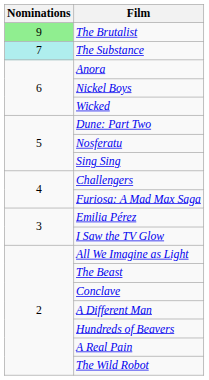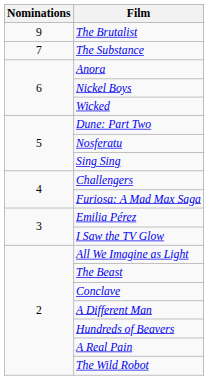 <table class="wikitable">
 <tr>
 <th>Nominations</th>
 <th>Film</th>
 </tr>
 <tr>
-<td style="background: lightgreen; text-align:center;">9</td>
+<td style="text-align:center;">9</td>
 <td><em><a href='#'>The Brutalist</a></em></td>
 </tr>
 <tr>
-<td style="background: paleturquoise; text-align:center;">7</td>
+<td style="text-align:center;">7</td>
 <td><em><a href='#'>The Substance</a></em></td>
 </tr>
 <tr>
 <td style="text-align:center;" rowspan="3">6</td>
 <td><em><a href='#'>Anora</a></em></td>
 </tr>
 <tr>
 <td><em><a href='#'>Nickel Boys</a></em></td>
 </tr>
 <tr>
 <td><em><a href='#'>Wicked</a></em></td>
 </tr>
 <tr>
 <td style="text-align:center;" rowspan="3">5</td>
 <td><em><a href='#'>Dune: Part Two</a></em></td>
 </tr>
 <tr>
 <td><em><a href='#'>Nosferatu</a></em></td>
 </tr>
 <tr>
 <td><em><a href='#'>Sing Sing</a></em></td>
 </tr>
 <tr>
 <td style="text-align:center;" rowspan="2">4</td>
 <td><em><a href='#'>Challengers</a></em></td>
 </tr>
 <tr>
 <td><em><a href='#'>Furiosa: A Mad Max Saga</a></em></td>
 </tr>
 <tr>
 <td style="text-align:center;" rowspan="2">3</td>
 <td><em><a href='#'>Emilia Pérez</a></em></td>
 </tr>
 <tr>
 <td><em><a href='#'>I Saw the TV Glow</a></em></td>
 </tr>
 <tr>
 <td style="text-align:center;" rowspan="7">2</td>
 <td><em><a href='#'>All We Imagine as Light</a></em></td>
 </tr>
 <tr>
 <td><em><a href='#'>The Beast</a></em></td>
 </tr>
 <tr>
 <td><em><a href='#'>Conclave</a></em></td>
 </tr>
 <tr>
 <td><em><a href='#'>A Different Man</a></em></td>
 </tr>
 <tr>
 <td><em><a href='#'>Hundreds of Beavers</a></em></td>
 </tr>
 <tr>
 <td><em><a href='#'>A Real Pain</a></em></td>
 </tr>
 <tr>
 <td><em><a href='#'>The Wild Robot</a></em></td>
 </tr>
 </table>
